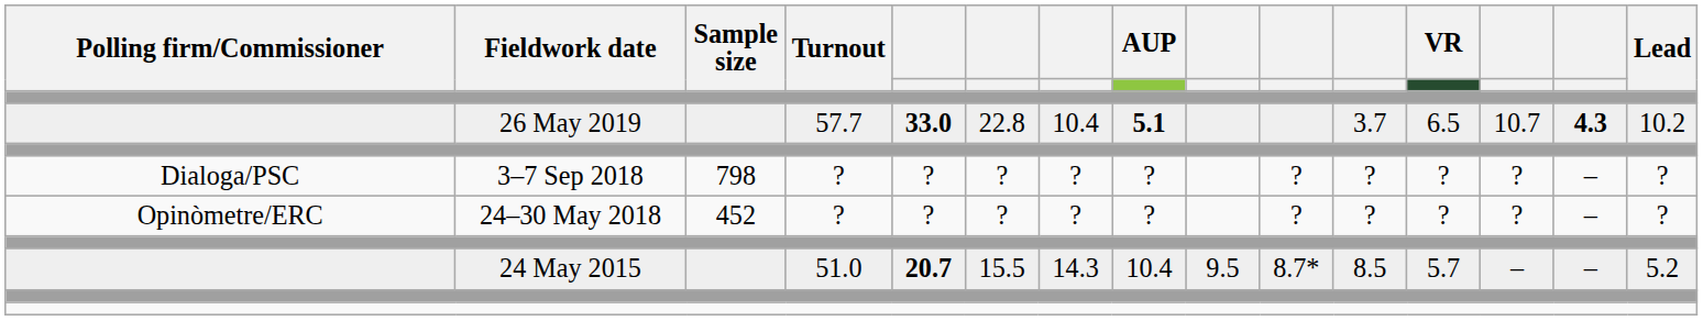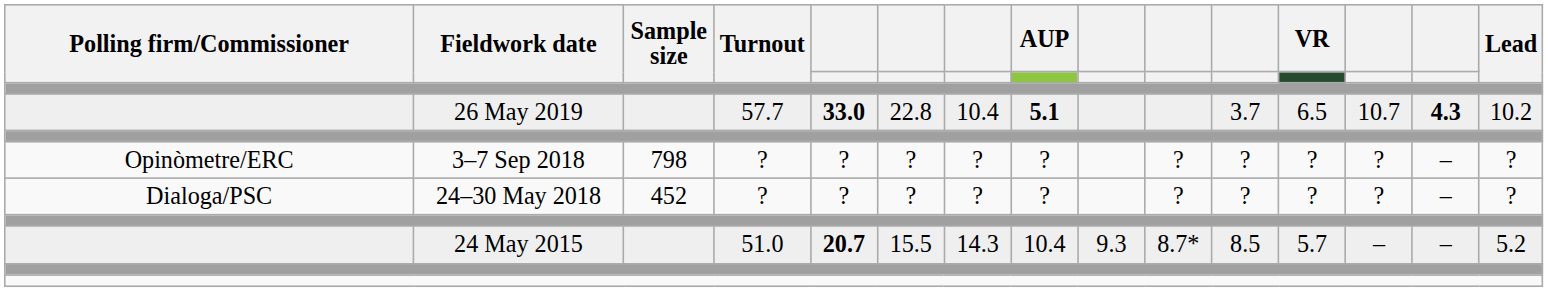 <table class="wikitable collapsible collapsed" style="text-align:center; font-size:95%; line-height:16px;">
 <tr style="height:42px;">
 <th style="width:250px;" rowspan="2">Polling firm/Commissioner</th>
 <th style="width:125px;" rowspan="2">Fieldwork date</th>
 <th style="width:50px;" rowspan="2">Sample size</th>
 <th style="width:45px;" rowspan="2">Turnout</th>
 <th style="width:35px;"></th>
 <th style="width:35px;"></th>
 <th style="width:35px;"></th>
 <th style="width:35px;">AUP</th>
 <th style="width:35px;"></th>
 <th style="width:35px;"></th>
 <th style="width:35px;"></th>
 <th style="width:35px;">VR</th>
 <th style="width:35px;"></th>
 <th style="width:35px;"></th>
 <th style="width:30px;" rowspan="2">Lead</th>
 </tr>
 <tr>
 <th style="color:inherit;background:"></th>
 <th style="color:inherit;background:"></th>
 <th style="color:inherit;background:"></th>
 <th style="color:inherit;background:#8EC641;"></th>
 <th style="color:inherit;background:"></th>
 <th style="color:inherit;background:"></th>
 <th style="color:inherit;background:"></th>
 <th style="color:inherit;background:#264B2F;"></th>
 <th style="color:inherit;background:"></th>
 <th style="color:inherit;background:"></th>
 </tr>
 <tr>
 <td colspan="15" style="background:#A0A0A0"></td>
 </tr>
 <tr style="background:#EFEFEF;">
 <td><strong></strong></td>
 <td>26 May 2019</td>
 <td></td>
 <td>57.7</td>
 <td><strong>33.0</strong><br></td>
 <td>22.8<br></td>
 <td>10.4<br></td>
 <td><strong>5.1<br></strong></td>
 <td></td>
 <td></td>
 <td>3.7<br></td>
 <td>6.5<br></td>
 <td>10.7<br></td>
 <td><strong>4.3<br></strong></td>
 <td style="background:">10.2</td>
 </tr>
 <tr>
 <td colspan="15" style="background:#A0A0A0"></td>
 </tr>
 <tr>
-<td>Dialoga/PSC</td>
+<td>Opinòmetre/ERC</td>
 <td>3–7 Sep 2018</td>
 <td>798</td>
 <td>?</td>
 <td>?<br></td>
 <td>?<br></td>
 <td>?<br></td>
 <td>?<br></td>
 <td></td>
 <td>?<br></td>
 <td>?<br></td>
 <td>?<br></td>
 <td>?<br></td>
 <td>–</td>
 <td style="background:">?</td>
 </tr>
 <tr>
-<td>Opinòmetre/ERC</td>
+<td>Dialoga/PSC</td>
 <td>24–30 May 2018</td>
 <td>452</td>
 <td>?</td>
 <td>?<br></td>
 <td>?<br></td>
 <td>?<br></td>
 <td>?<br></td>
 <td></td>
 <td>?<br></td>
 <td>?<br></td>
 <td>?<br></td>
 <td>?<br></td>
 <td>–</td>
 <td style="background:">?</td>
 </tr>
 <tr>
 <td colspan="15" style="background:#A0A0A0"></td>
 </tr>
 <tr style="background:#EFEFEF;">
 <td><strong></strong></td>
 <td>24 May 2015</td>
 <td></td>
 <td>51.0</td>
 <td><strong>20.7</strong><br></td>
 <td>15.5<br></td>
 <td>14.3<br></td>
 <td>10.4<br></td>
-<td>9.5<br></td>
+<td>9.3<br></td>
 <td>8.7*<br></td>
 <td>8.5<br></td>
 <td>5.7<br></td>
 <td>–</td>
 <td>–</td>
 <td style="background:">5.2</td>
 </tr>
 <tr>
 <td colspan="15" style="background:#A0A0A0"></td>
 </tr>
 <tr>
 <td align="left" colspan="15"></td>
 </tr>
 </table>
